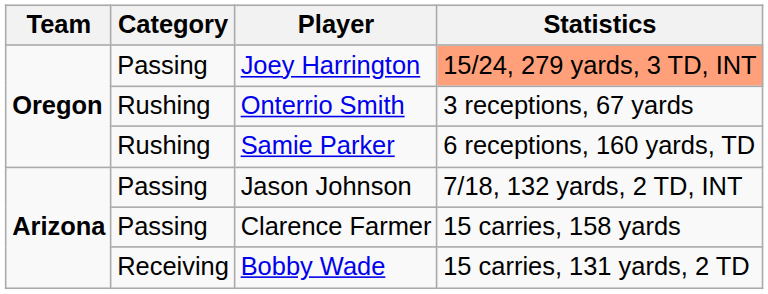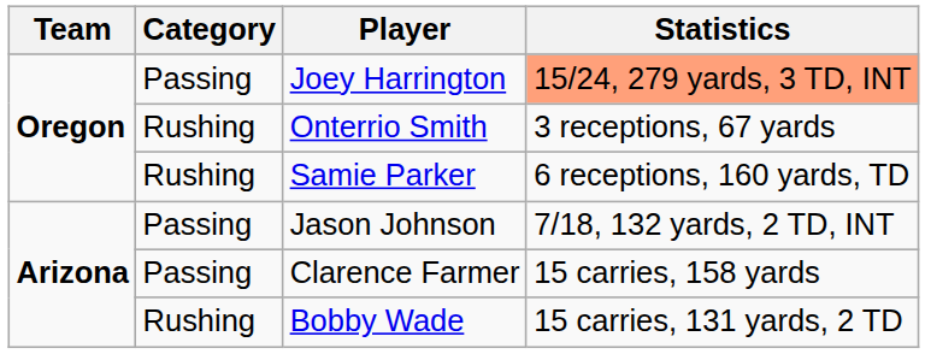 <table class="wikitable" style="float: right;">
 <tr>
 <th>Team</th>
 <th>Category</th>
 <th>Player</th>
 <th>Statistics</th>
 </tr>
 <tr>
 <td rowspan=3><strong>Oregon</strong></td>
 <td>Passing</td>
 <td><a href='#'>Joey Harrington</a></td>
 <td style="background: lightsalmon;">15/24, 279 yards, 3 TD, INT</td>
 </tr>
 <tr>
 <td>Rushing</td>
 <td><a href='#'>Onterrio Smith</a></td>
 <td>3 receptions, 67 yards</td>
 </tr>
 <tr>
 <td>Rushing</td>
 <td><a href='#'>Samie Parker</a></td>
 <td>6 receptions, 160 yards, TD</td>
 </tr>
 <tr>
 <td rowspan=3><strong>Arizona</strong></td>
 <td>Passing</td>
 <td>Jason Johnson</td>
 <td>7/18, 132 yards, 2 TD, INT</td>
 </tr>
 <tr>
 <td>Passing</td>
 <td>Clarence Farmer</td>
 <td>15 carries, 158 yards</td>
 </tr>
 <tr>
-<td>Receiving</td>
+<td>Rushing</td>
 <td><a href='#'>Bobby Wade</a></td>
 <td>15 carries, 131 yards, 2 TD</td>
 </tr>
 </table>
